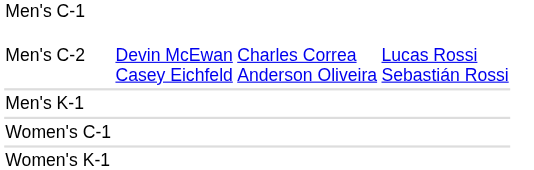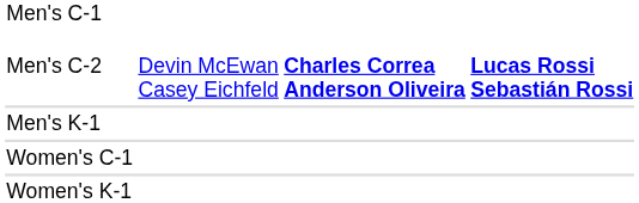 <table>
 <tr>
 <td>Men's C-1<br></td>
 <td></td>
 <td></td>
 <td></td>
 </tr>
 <tr>
 <td>Men's C-2<br></td>
 <td><br><a href='#'>Devin McEwan</a><br><a href='#'>Casey Eichfeld</a></td>
-<td><br><a href='#'>Charles Correa</a><br><a href='#'>Anderson Oliveira</a></td>
-<td><br><a href='#'>Lucas Rossi</a><br><a href='#'>Sebastián Rossi</a></td>
+<td><strong><br><a href='#'>Charles Correa</a><br><a href='#'>Anderson Oliveira</a></strong></td>
+<td><strong><br><a href='#'>Lucas Rossi</a><br><a href='#'>Sebastián Rossi</a></strong></td>
 </tr>
 <tr bgcolor=#DDDDDD>
 <td colspan=7></td>
 </tr>
 <tr>
 <td>Men's K-1<br></td>
 <td></td>
 <td></td>
 <td></td>
 </tr>
 <tr bgcolor=#DDDDDD>
 <td colspan=7></td>
 </tr>
 <tr>
 <td>Women's C-1<br></td>
 <td></td>
 <td></td>
 <td></td>
 </tr>
 <tr bgcolor=#DDDDDD>
 <td colspan=7></td>
 </tr>
 <tr>
 <td>Women's K-1<br></td>
 <td></td>
 <td></td>
 <td></td>
 </tr>
 </table>
